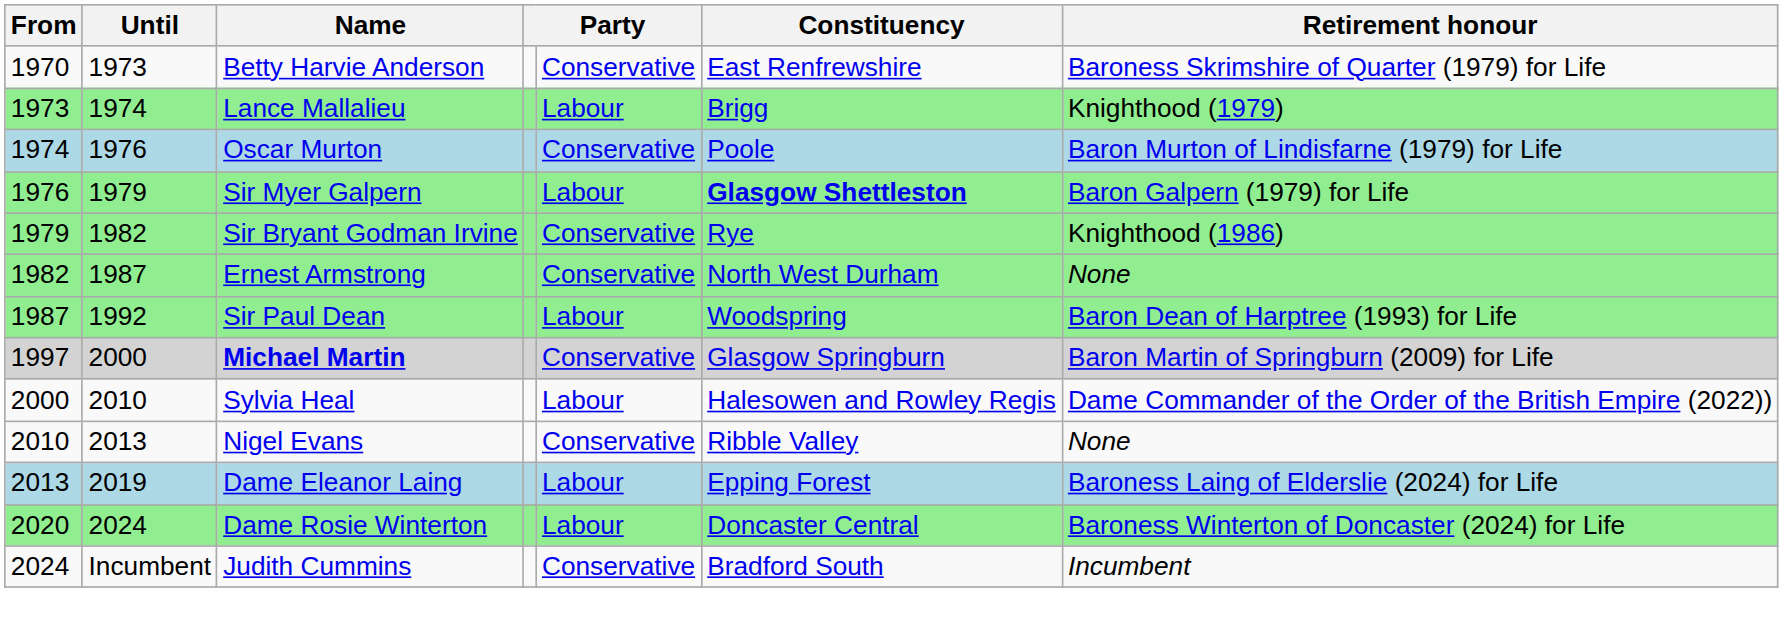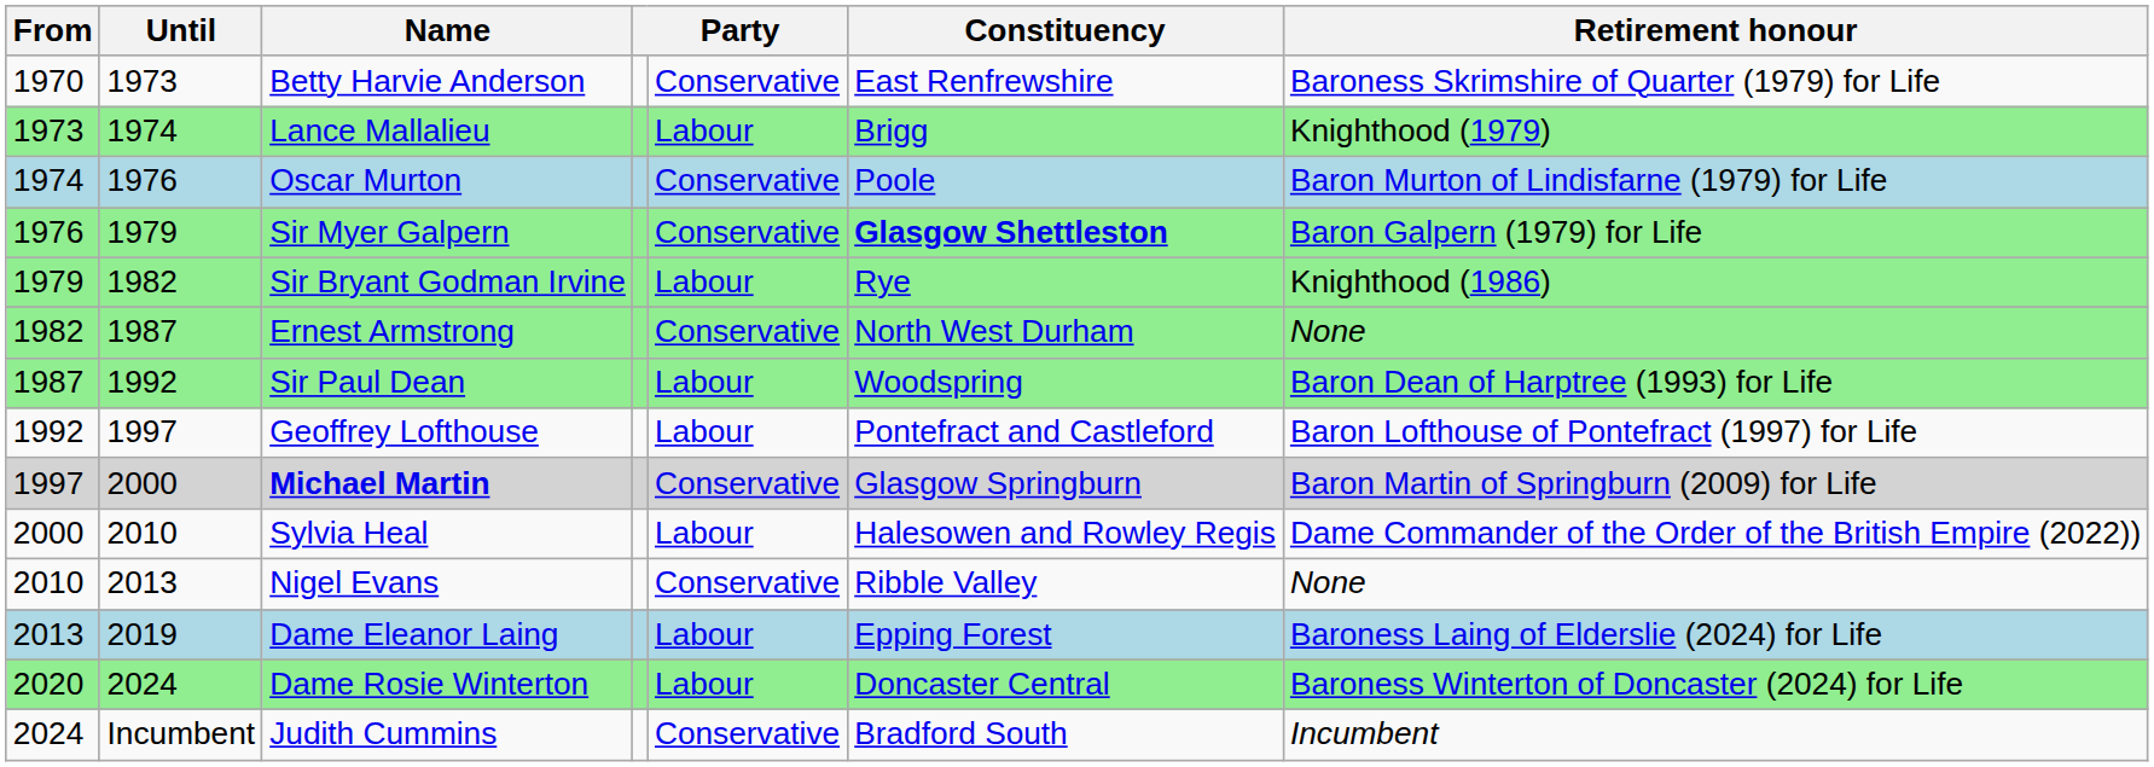 <table class="wikitable">
 <tr>
 <th>From</th>
 <th>Until</th>
 <th>Name</th>
 <th colspan=2>Party</th>
 <th>Constituency</th>
 <th>Retirement honour</th>
 </tr>
 <tr>
 <td>1970</td>
 <td>1973</td>
 <td><a href='#'>Betty Harvie Anderson</a></td>
 <td style="background-color: "></td>
 <td><a href='#'>Conservative</a></td>
 <td><a href='#'>East Renfrewshire</a></td>
 <td><a href='#'>Baroness Skrimshire of Quarter</a> (1979) for Life</td>
 </tr>
 <tr bgcolor=lightgreen>
 <td>1973</td>
 <td>1974</td>
 <td><a href='#'>Lance Mallalieu</a></td>
 <td style="background-color: "></td>
 <td><a href='#'>Labour</a></td>
 <td><a href='#'>Brigg</a></td>
 <td>Knighthood (<a href='#'>1979</a>)</td>
 </tr>
 <tr bgcolor=lightblue>
 <td>1974</td>
 <td>1976</td>
 <td><a href='#'>Oscar Murton</a></td>
 <td style="background-color: "></td>
 <td><a href='#'>Conservative</a></td>
 <td><a href='#'>Poole</a></td>
 <td><a href='#'>Baron Murton of Lindisfarne</a> (1979) for Life</td>
 </tr>
 <tr bgcolor=lightgreen>
 <td>1976</td>
 <td>1979</td>
 <td><a href='#'>Sir Myer Galpern</a></td>
 <td style="background-color: "></td>
-<td><a href='#'>Labour</a></td>
+<td><a href='#'>Conservative</a></td>
 <td><strong><a href='#'>Glasgow Shettleston</a></strong></td>
 <td><a href='#'>Baron Galpern</a> (1979) for Life</td>
 </tr>
 <tr bgcolor=lightgreen>
 <td>1979</td>
 <td>1982</td>
 <td><a href='#'>Sir Bryant Godman Irvine</a></td>
 <td style="background-color: "></td>
-<td><a href='#'>Conservative</a></td>
+<td><a href='#'>Labour</a></td>
 <td><a href='#'>Rye</a></td>
 <td>Knighthood (<a href='#'>1986</a>)</td>
 </tr>
 <tr bgcolor=lightgreen>
 <td>1982</td>
 <td>1987</td>
 <td><a href='#'>Ernest Armstrong</a></td>
 <td style="background-color: "></td>
 <td><a href='#'>Conservative</a></td>
 <td><a href='#'>North West Durham</a></td>
 <td><em>None</em></td>
 </tr>
 <tr bgcolor=lightgreen>
 <td>1987</td>
 <td>1992</td>
 <td><a href='#'>Sir Paul Dean</a></td>
 <td style="background-color: "></td>
 <td><a href='#'>Labour</a></td>
 <td><a href='#'>Woodspring</a></td>
 <td><a href='#'>Baron Dean of Harptree</a> (1993) for Life</td>
+</tr>
+<tr>
+<td>1992</td>
+<td>1997</td>
+<td><a href='#'>Geoffrey Lofthouse</a></td>
+<td style="background-color: "></td>
+<td><a href='#'>Labour</a></td>
+<td><a href='#'>Pontefract and Castleford</a></td>
+<td><a href='#'>Baron Lofthouse of Pontefract</a> (1997) for Life</td>
 </tr>
 <tr bgcolor=LightGrey>
 <td>1997</td>
 <td>2000</td>
 <td><strong><a href='#'>Michael Martin</a></strong></td>
 <td style="background-color: "></td>
 <td><a href='#'>Conservative</a></td>
 <td><a href='#'>Glasgow Springburn</a></td>
 <td><a href='#'>Baron Martin of Springburn</a> (2009) for Life</td>
 </tr>
 <tr>
 <td>2000</td>
 <td>2010</td>
 <td><a href='#'>Sylvia Heal</a></td>
 <td style="background-color: "></td>
 <td><a href='#'>Labour</a></td>
 <td><a href='#'>Halesowen and Rowley Regis</a></td>
 <td><a href='#'>Dame Commander of the Order of the British Empire</a> (2022))</td>
 </tr>
 <tr>
 <td>2010</td>
 <td>2013</td>
 <td><a href='#'>Nigel Evans</a></td>
 <td style="background-color: "></td>
 <td><a href='#'>Conservative</a></td>
 <td><a href='#'>Ribble Valley</a></td>
 <td><em>None</em></td>
 </tr>
 <tr bgcolor=lightblue>
 <td>2013</td>
 <td>2019</td>
 <td><a href='#'>Dame Eleanor Laing</a></td>
 <td style="background-color: "></td>
 <td><a href='#'>Labour</a></td>
 <td><a href='#'>Epping Forest</a></td>
 <td><a href='#'>Baroness Laing of Elderslie</a> (2024) for Life</td>
 </tr>
 <tr bgcolor=lightgreen>
 <td>2020</td>
 <td>2024</td>
 <td><a href='#'>Dame Rosie Winterton</a></td>
 <td style="background-color: "></td>
 <td><a href='#'>Labour</a></td>
 <td><a href='#'>Doncaster Central</a></td>
 <td><a href='#'>Baroness Winterton of Doncaster</a> (2024) for Life</td>
 </tr>
 <tr>
 <td>2024</td>
 <td>Incumbent</td>
 <td><a href='#'>Judith Cummins</a></td>
 <td style="background-color: "></td>
 <td><a href='#'>Conservative</a></td>
 <td><a href='#'>Bradford South</a></td>
 <td><em>Incumbent</em></td>
 </tr>
 </table>
